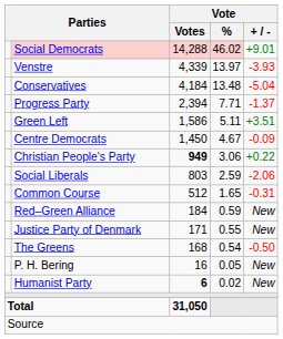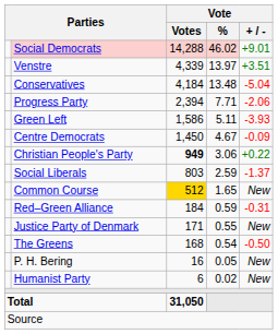 <table class="wikitable" style="text-align:right;">
 <tr>
 <th style="text-align:centre;" rowspan="2" colspan="2" width="225">Parties</th>
 <th colspan="3">Vote</th>
 </tr>
 <tr>
 <th width="15">Votes</th>
 <th width="15">%</th>
 <th width="15">+ / -</th>
 </tr>
 <tr>
 <td width="2" style="color:inherit;background:"></td>
 <td bgcolor=#fbd0ce  align="left"><a href='#'>Social Democrats</a></td>
 <td bgcolor=#fbd0ce>14,288</td>
 <td bgcolor=#fbd0ce>46.02</td>
 <td style=color:green;>+9.01</td>
 </tr>
 <tr>
 <td width="2" style="color:inherit;background:"></td>
 <td align="left"><a href='#'>Venstre</a></td>
 <td>4,339</td>
 <td>13.97</td>
-<td style=color:red;>-3.93</td>
+<td style=color:green;>+3.51</td>
 </tr>
 <tr>
 <td width="2" style="color:inherit;background:"></td>
 <td align="left"><a href='#'>Conservatives</a></td>
 <td>4,184</td>
 <td>13.48</td>
 <td style=color:red;>-5.04</td>
 </tr>
 <tr>
 <td width="2" style="color:inherit;background:"></td>
 <td align="left"><a href='#'>Progress Party</a></td>
 <td>2,394</td>
 <td>7.71</td>
-<td style=color:red;>-1.37</td>
+<td style=color:red;>-2.06</td>
 </tr>
 <tr>
 <td width="2" style="color:inherit;background:"></td>
 <td align="left"><a href='#'>Green Left</a></td>
 <td>1,586</td>
 <td>5.11</td>
-<td style=color:green;>+3.51</td>
+<td style=color:red;>-3.93</td>
 </tr>
 <tr>
 <td width="2" style="color:inherit;background:"></td>
 <td align="left"><a href='#'>Centre Democrats</a></td>
 <td>1,450</td>
 <td>4.67</td>
 <td style=color:red;>-0.09</td>
 </tr>
 <tr>
 <td width="2" style="color:inherit;background:"></td>
 <td align="left"><a href='#'>Christian People's Party</a></td>
 <td><strong>949</strong></td>
 <td>3.06</td>
 <td style=color:green;>+0.22</td>
 </tr>
 <tr>
 <td width="2" style="color:inherit;background:"></td>
 <td align="left"><a href='#'>Social Liberals</a></td>
 <td>803</td>
 <td>2.59</td>
-<td style=color:red;>-2.06</td>
+<td style=color:red;>-1.37</td>
 </tr>
 <tr>
 <td width="2" style="color:inherit;background:"></td>
 <td align="left"><a href='#'>Common Course</a></td>
-<td>512</td>
+<td style="background: gold;">512</td>
 <td>1.65</td>
-<td style=color:red;>-0.31</td>
+<td><em>New</em></td>
 </tr>
 <tr>
 <td width="2" style="color:inherit;background:"></td>
 <td align="left"><a href='#'>Red–Green Alliance</a></td>
 <td>184</td>
 <td>0.59</td>
-<td><em>New</em></td>
+<td style=color:red;>-0.31</td>
 </tr>
 <tr>
 <td width="2" style="color:inherit;background:"></td>
 <td align="left"><a href='#'>Justice Party of Denmark</a></td>
 <td>171</td>
 <td>0.55</td>
 <td><em>New</em></td>
 </tr>
 <tr>
 <td width="2" style="color:inherit;background:"></td>
 <td align="left"><a href='#'>The Greens</a></td>
 <td>168</td>
 <td>0.54</td>
 <td style=color:red;>-0.50</td>
 </tr>
 <tr>
 <td width="2" style="color:inherit;background:"></td>
 <td align="left">P. H. Bering</td>
 <td>16</td>
 <td>0.05</td>
 <td><em>New</em></td>
 </tr>
 <tr>
 <td width="2" style="color:inherit;background:"></td>
 <td align="left"><a href='#'>Humanist Party</a></td>
-<td><strong>6</strong></td>
+<td>6</td>
 <td>0.02</td>
 <td><em>New</em></td>
 </tr>
 <tr>
 <td colspan="7" bgcolor="#E9E9E9"></td>
 </tr>
 <tr>
 <td align="left" colspan="2"><strong>Total</strong></td>
 <td><strong>31,050</strong></td>
 <td bgcolor="#E9E9E9" colspan="2"></td>
 </tr>
 <tr>
 <td align="left" colspan="6">Source</td>
 </tr>
 </table>
